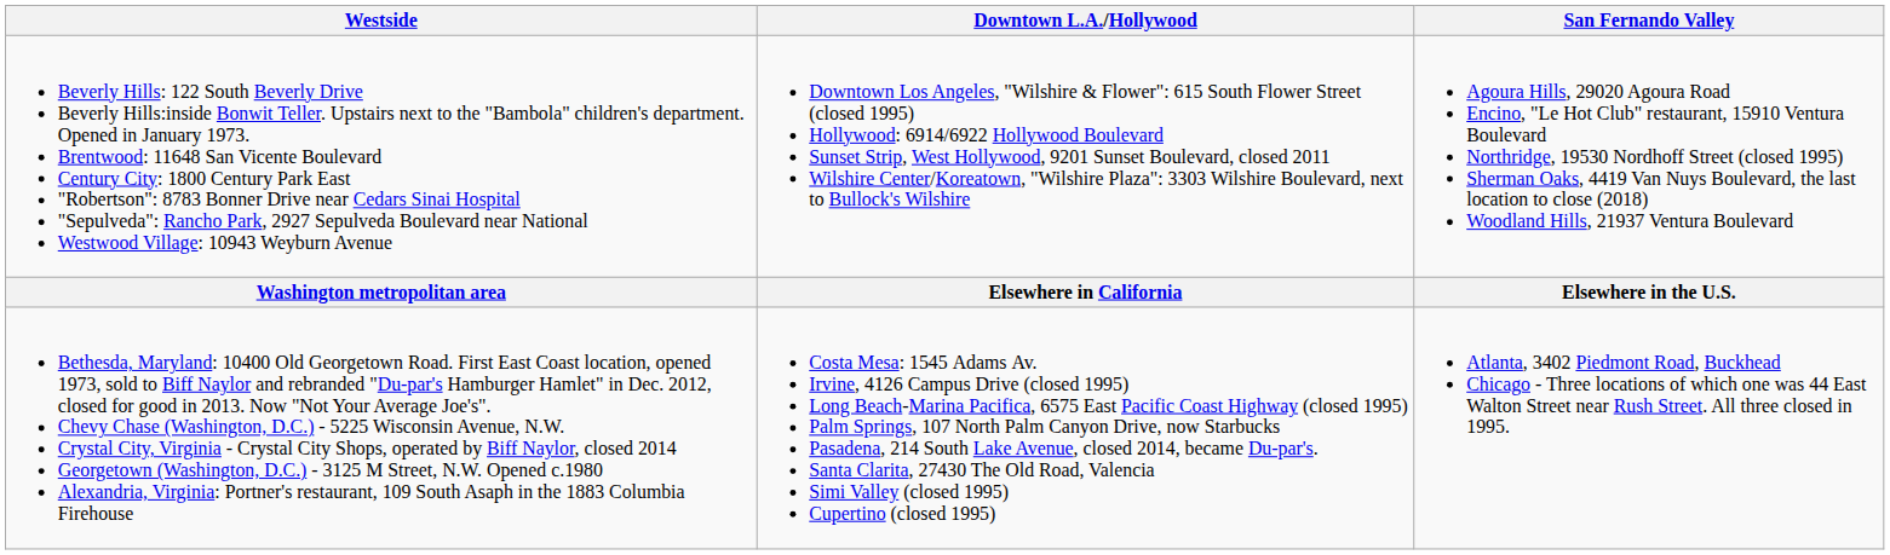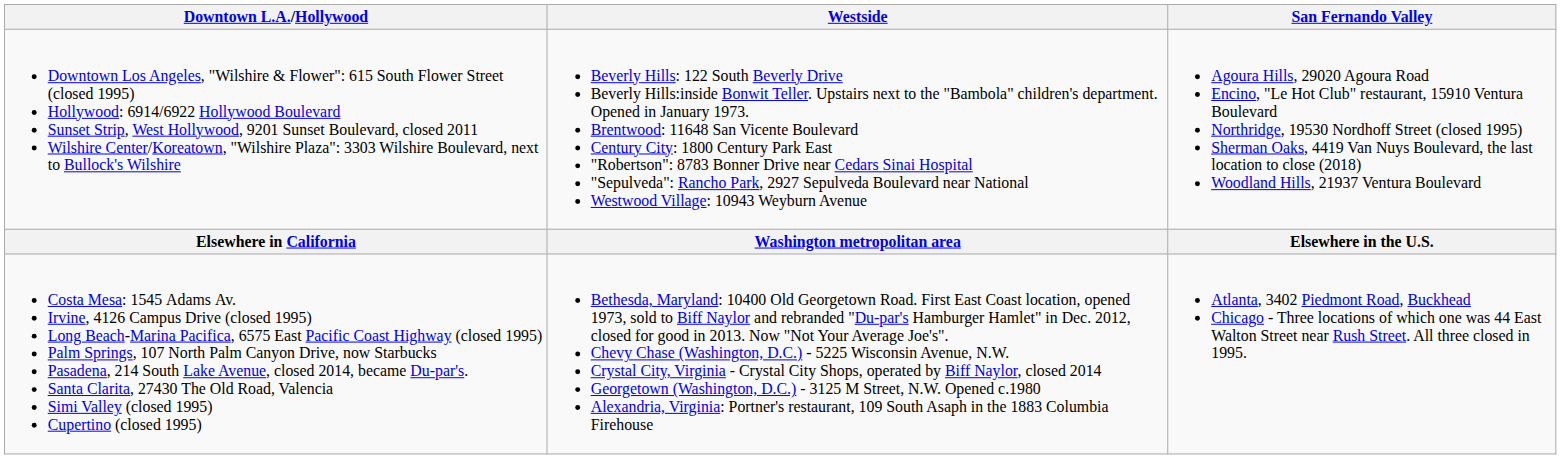 <table class=wikitable>
 <tr>
+<th width=35%><strong><a href='#'>Downtown L.A.</a>/<a href='#'>Hollywood</a></strong></th>
 <th width=40%><strong><a href='#'>Westside</a></strong></th>
-<th width=35%><strong><a href='#'>Downtown L.A.</a>/<a href='#'>Hollywood</a></strong></th>
 <th width=25%><strong><a href='#'>San Fernando Valley</a></strong></th>
 </tr>
 <tr>
+<td style="vertical-align:top;"><br><ul><li><a href='#'>Downtown Los Angeles</a>, "Wilshire & Flower": 615 South Flower Street (closed 1995)</li><li><a href='#'>Hollywood</a>: 6914/6922 <a href='#'>Hollywood Boulevard</a></li><li><a href='#'>Sunset Strip</a>, <a href='#'>West Hollywood</a>, 9201 Sunset Boulevard, closed 2011</li><li><a href='#'>Wilshire Center</a>/<a href='#'>Koreatown</a>, "Wilshire Plaza": 3303 Wilshire Boulevard, next to <a href='#'>Bullock's Wilshire</a></li></ul></td>
 <td style="vertical-align:top;"><br><ul><li><a href='#'>Beverly Hills</a>: 122 South <a href='#'>Beverly Drive</a></li><li>Beverly Hills:inside <a href='#'>Bonwit Teller</a>. Upstairs next to the "Bambola" children's department. Opened in January 1973.</li><li><a href='#'>Brentwood</a>: 11648 San Vicente Boulevard</li><li><a href='#'>Century City</a>: 1800 Century Park East</li><li>"Robertson": 8783 Bonner Drive near <a href='#'>Cedars Sinai Hospital</a></li><li>"Sepulveda": <a href='#'>Rancho Park</a>, 2927 Sepulveda Boulevard near National</li><li><a href='#'>Westwood Village</a>: 10943 Weyburn Avenue</li></ul></td>
-<td style="vertical-align:top;"><br><ul><li><a href='#'>Downtown Los Angeles</a>, "Wilshire & Flower": 615 South Flower Street (closed 1995)</li><li><a href='#'>Hollywood</a>: 6914/6922 <a href='#'>Hollywood Boulevard</a></li><li><a href='#'>Sunset Strip</a>, <a href='#'>West Hollywood</a>, 9201 Sunset Boulevard, closed 2011</li><li><a href='#'>Wilshire Center</a>/<a href='#'>Koreatown</a>, "Wilshire Plaza": 3303 Wilshire Boulevard, next to <a href='#'>Bullock's Wilshire</a></li></ul></td>
 <td style="vertical-align:top;"><br><ul><li><a href='#'>Agoura Hills</a>, 29020 Agoura Road</li><li><a href='#'>Encino</a>, "Le Hot Club" restaurant, 15910 Ventura Boulevard</li><li><a href='#'>Northridge</a>, 19530 Nordhoff Street (closed 1995)</li><li><a href='#'>Sherman Oaks</a>, 4419 Van Nuys Boulevard, the last location to close (2018)</li><li><a href='#'>Woodland Hills</a>, 21937 Ventura Boulevard</li></ul></td>
 </tr>
 <tr>
+<th><strong>Elsewhere in <a href='#'>California</a></strong></th>
 <th><strong><a href='#'>Washington metropolitan area</a></strong></th>
-<th><strong>Elsewhere in <a href='#'>California</a></strong></th>
 <th><strong>Elsewhere in the U.S.</strong></th>
 </tr>
 <tr>
+<td style="vertical-align:top;"><br><ul><li><a href='#'>Costa Mesa</a>: 1545 Adams Av.</li><li><a href='#'>Irvine</a>, 4126 Campus Drive (closed 1995)</li><li><a href='#'>Long Beach</a>-<a href='#'>Marina Pacifica</a>, 6575 East <a href='#'>Pacific Coast Highway</a> (closed 1995)</li><li><a href='#'>Palm Springs</a>, 107 North Palm Canyon Drive, now Starbucks</li><li><a href='#'>Pasadena</a>, 214 South <a href='#'>Lake Avenue</a>, closed 2014, became <a href='#'>Du-par's</a>.</li><li><a href='#'>Santa Clarita</a>, 27430 The Old Road, Valencia</li><li><a href='#'>Simi Valley</a> (closed 1995)</li><li><a href='#'>Cupertino</a> (closed 1995)</li></ul></td>
 <td style="vertical-align:top;"><br><ul><li><a href='#'>Bethesda, Maryland</a>: 10400 Old Georgetown Road. First East Coast location, opened 1973, sold to <a href='#'>Biff Naylor</a> and rebranded "<a href='#'>Du-par's</a> Hamburger Hamlet" in Dec. 2012, closed for good in 2013. Now "Not Your Average Joe's".</li><li><a href='#'>Chevy Chase (Washington, D.C.)</a> - 5225 Wisconsin Avenue, N.W.</li><li><a href='#'>Crystal City, Virginia</a> - Crystal City Shops, operated by <a href='#'>Biff Naylor</a>, closed 2014</li><li><a href='#'>Georgetown (Washington, D.C.)</a> - 3125 M Street, N.W. Opened c.1980</li><li><a href='#'>Alexandria, Virginia</a>: Portner's restaurant, 109 South Asaph in the 1883 Columbia Firehouse</li></ul></td>
-<td style="vertical-align:top;"><br><ul><li><a href='#'>Costa Mesa</a>: 1545 Adams Av.</li><li><a href='#'>Irvine</a>, 4126 Campus Drive (closed 1995)</li><li><a href='#'>Long Beach</a>-<a href='#'>Marina Pacifica</a>, 6575 East <a href='#'>Pacific Coast Highway</a> (closed 1995)</li><li><a href='#'>Palm Springs</a>, 107 North Palm Canyon Drive, now Starbucks</li><li><a href='#'>Pasadena</a>, 214 South <a href='#'>Lake Avenue</a>, closed 2014, became <a href='#'>Du-par's</a>.</li><li><a href='#'>Santa Clarita</a>, 27430 The Old Road, Valencia</li><li><a href='#'>Simi Valley</a> (closed 1995)</li><li><a href='#'>Cupertino</a> (closed 1995)</li></ul></td>
 <td style="vertical-align:top;"><br><ul><li><a href='#'>Atlanta</a>, 3402 <a href='#'>Piedmont Road</a>, <a href='#'>Buckhead</a></li><li><a href='#'>Chicago</a> - Three locations of which one was 44 East Walton Street near <a href='#'>Rush Street</a>. All three closed in 1995.</li></ul></td>
 </tr>
 </table>
